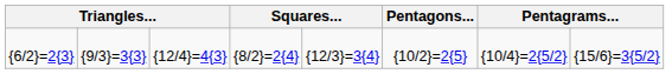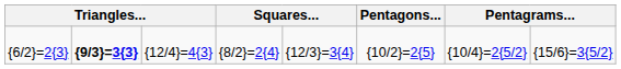 <table class=wikitable>
 <tr>
 <th colspan=3>Triangles...</th>
 <th colspan=2>Squares...</th>
 <th>Pentagons...</th>
 <th colspan=2>Pentagrams...</th>
 </tr>
 <tr align=center>
 <td><br>{6/2}=<a href='#'>2{3}</a></td>
-<td><br>{9/3}=<a href='#'>3{3}</a></td>
+<td><strong><br>{9/3}=<a href='#'>3{3}</a></strong></td>
 <td><br>{12/4}=<a href='#'>4{3}</a></td>
 <td><br>{8/2}=<a href='#'>2{4}</a></td>
 <td><br>{12/3}=<a href='#'>3{4}</a></td>
 <td><br>{10/2}=<a href='#'>2{5}</a></td>
 <td><br>{10/4}=<a href='#'>2{5/2}</a></td>
 <td><br>{15/6}=<a href='#'>3{5/2}</a></td>
 </tr>
 </table>
